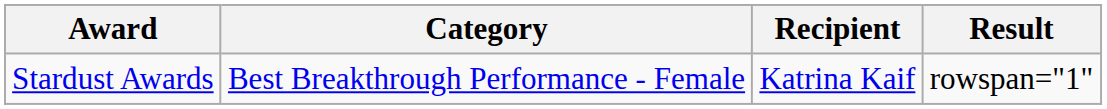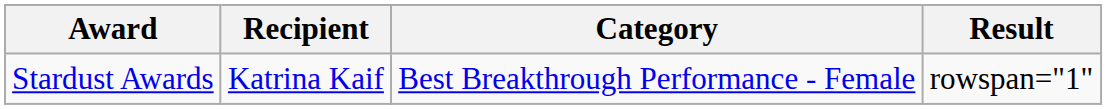 <table class= "wikitable plainrowheaders sortable">
 <tr>
 <th>Award</th>
+<th>Recipient</th>
 <th>Category</th>
-<th>Recipient</th>
 <th>Result</th>
 </tr>
 <tr>
 <td rowspan="1"><a href='#'>Stardust Awards</a></td>
+<td><a href='#'>Katrina Kaif</a></td>
 <td><a href='#'>Best Breakthrough Performance - Female</a></td>
-<td><a href='#'>Katrina Kaif</a></td>
 <td>rowspan="1" </td>
 </tr>
 </table>
